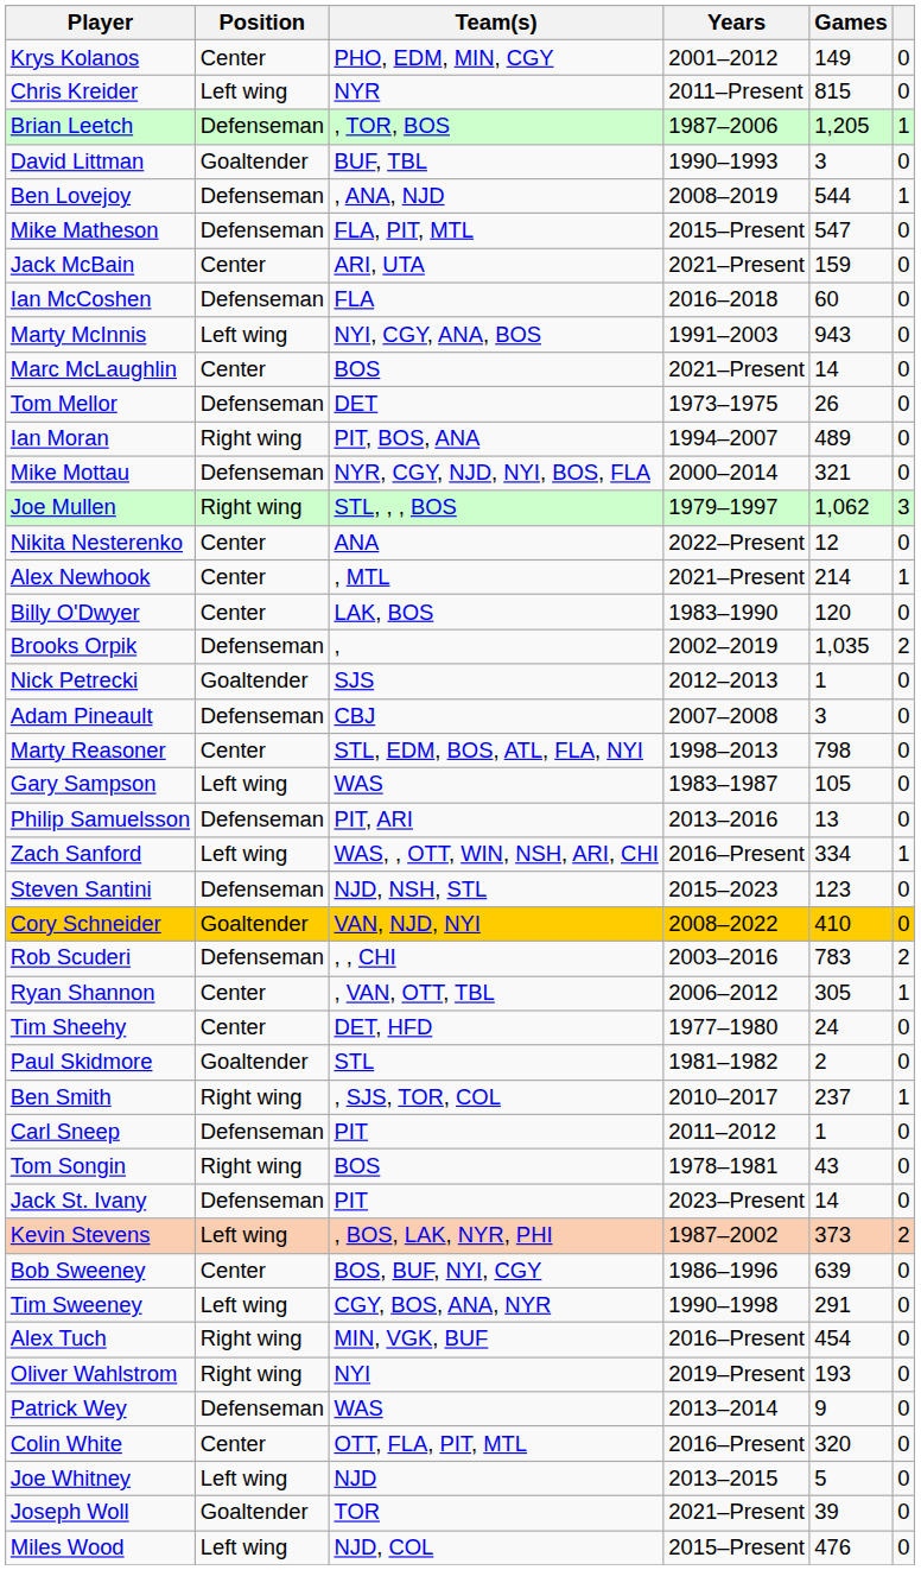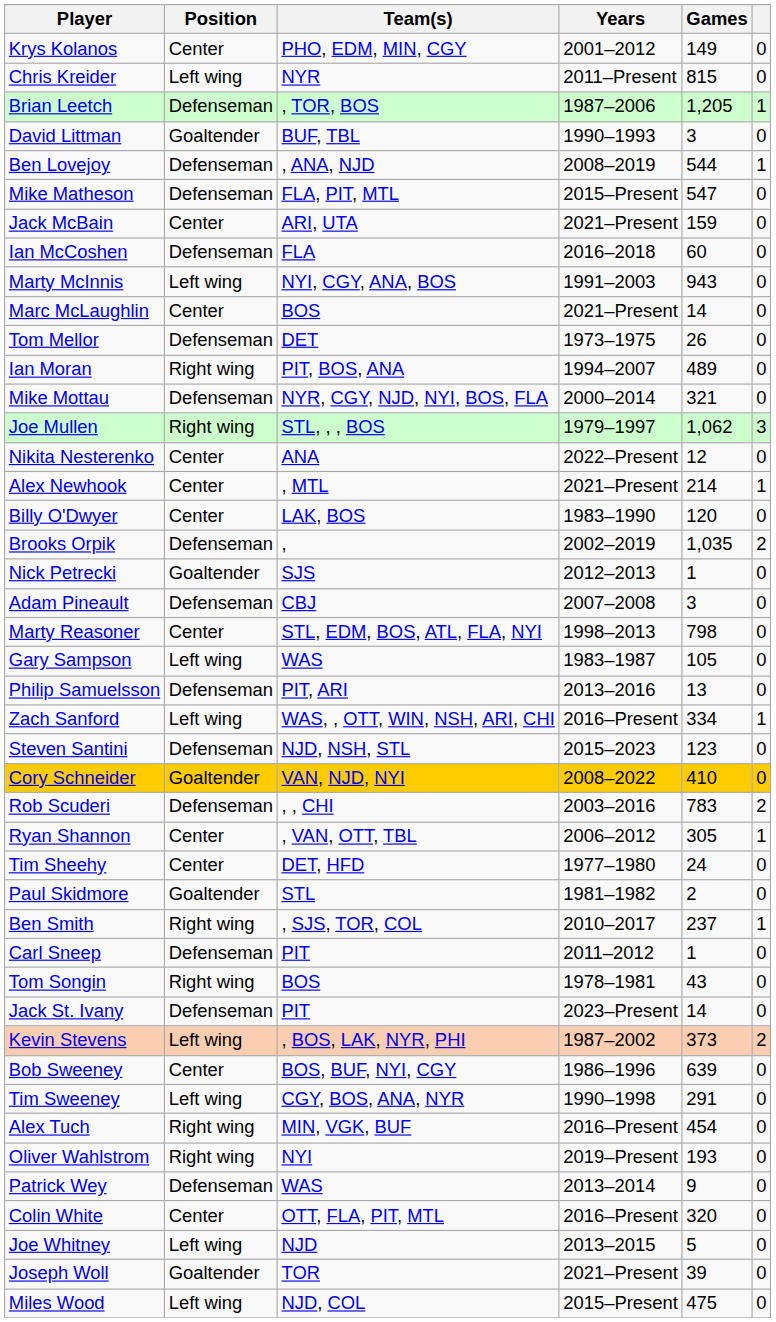 <table class="wikitable sortable">
 <tr>
 <th>Player</th>
 <th>Position</th>
 <th>Team(s)</th>
 <th>Years</th>
 <th>Games</th>
 <th><a href='#'></a></th>
 </tr>
 <tr>
 <td><a href='#'>Krys Kolanos</a></td>
 <td>Center</td>
 <td><a href='#'>PHO</a>, <a href='#'>EDM</a>, <a href='#'>MIN</a>, <a href='#'>CGY</a></td>
 <td>2001–2012</td>
 <td>149</td>
 <td>0</td>
 </tr>
 <tr>
 <td><a href='#'>Chris Kreider</a></td>
 <td>Left wing</td>
 <td><a href='#'>NYR</a></td>
 <td>2011–Present</td>
 <td>815</td>
 <td>0</td>
 </tr>
 <tr bgcolor=CCFFCC>
 <td><a href='#'>Brian Leetch</a></td>
 <td>Defenseman</td>
 <td><span><strong></strong></span>, <a href='#'>TOR</a>, <a href='#'>BOS</a></td>
 <td>1987–2006</td>
 <td>1,205</td>
 <td>1</td>
 </tr>
 <tr>
 <td><a href='#'>David Littman</a></td>
 <td>Goaltender</td>
 <td><a href='#'>BUF</a>, <a href='#'>TBL</a></td>
 <td>1990–1993</td>
 <td>3</td>
 <td>0</td>
 </tr>
 <tr>
 <td><a href='#'>Ben Lovejoy</a></td>
 <td>Defenseman</td>
 <td><span><strong></strong></span>, <a href='#'>ANA</a>, <a href='#'>NJD</a></td>
 <td>2008–2019</td>
 <td>544</td>
 <td>1</td>
 </tr>
 <tr>
 <td><a href='#'>Mike Matheson</a></td>
 <td>Defenseman</td>
 <td><a href='#'>FLA</a>, <a href='#'>PIT</a>, <a href='#'>MTL</a></td>
 <td>2015–Present</td>
 <td>547</td>
 <td>0</td>
 </tr>
 <tr>
 <td><a href='#'>Jack McBain</a></td>
 <td>Center</td>
 <td><a href='#'>ARI</a>, <a href='#'>UTA</a></td>
 <td>2021–Present</td>
 <td>159</td>
 <td>0</td>
 </tr>
 <tr>
 <td><a href='#'>Ian McCoshen</a></td>
 <td>Defenseman</td>
 <td><a href='#'>FLA</a></td>
 <td>2016–2018</td>
 <td>60</td>
 <td>0</td>
 </tr>
 <tr>
 <td><a href='#'>Marty McInnis</a></td>
 <td>Left wing</td>
 <td><a href='#'>NYI</a>, <a href='#'>CGY</a>, <a href='#'>ANA</a>, <a href='#'>BOS</a></td>
 <td>1991–2003</td>
 <td>943</td>
 <td>0</td>
 </tr>
 <tr>
 <td><a href='#'>Marc McLaughlin</a></td>
 <td>Center</td>
 <td><a href='#'>BOS</a></td>
 <td>2021–Present</td>
 <td>14</td>
 <td>0</td>
 </tr>
 <tr>
 <td><a href='#'>Tom Mellor</a></td>
 <td>Defenseman</td>
 <td><a href='#'>DET</a></td>
 <td>1973–1975</td>
 <td>26</td>
 <td>0</td>
 </tr>
 <tr>
 <td><a href='#'>Ian Moran</a></td>
 <td>Right wing</td>
 <td><a href='#'>PIT</a>, <a href='#'>BOS</a>, <a href='#'>ANA</a></td>
 <td>1994–2007</td>
 <td>489</td>
 <td>0</td>
 </tr>
 <tr>
 <td><a href='#'>Mike Mottau</a></td>
 <td>Defenseman</td>
 <td><a href='#'>NYR</a>, <a href='#'>CGY</a>, <a href='#'>NJD</a>, <a href='#'>NYI</a>, <a href='#'>BOS</a>, <a href='#'>FLA</a></td>
 <td>2000–2014</td>
 <td>321</td>
 <td>0</td>
 </tr>
 <tr bgcolor=CCFFCC>
 <td><a href='#'>Joe Mullen</a></td>
 <td>Right wing</td>
 <td><a href='#'>STL</a>, <span><strong></strong></span>, <span><strong></strong></span>, <a href='#'>BOS</a></td>
 <td>1979–1997</td>
 <td>1,062</td>
 <td>3</td>
 </tr>
 <tr>
 <td><a href='#'>Nikita Nesterenko</a></td>
 <td>Center</td>
 <td><a href='#'>ANA</a></td>
 <td>2022–Present</td>
 <td>12</td>
 <td>0</td>
 </tr>
 <tr>
 <td><a href='#'>Alex Newhook</a></td>
 <td>Center</td>
 <td><span><strong></strong></span>, <a href='#'>MTL</a></td>
 <td>2021–Present</td>
 <td>214</td>
 <td>1</td>
 </tr>
 <tr>
 <td><a href='#'>Billy O'Dwyer</a></td>
 <td>Center</td>
 <td><a href='#'>LAK</a>, <a href='#'>BOS</a></td>
 <td>1983–1990</td>
 <td>120</td>
 <td>0</td>
 </tr>
 <tr>
 <td><a href='#'>Brooks Orpik</a></td>
 <td>Defenseman</td>
 <td><span><strong></strong></span>, <span><strong></strong></span></td>
 <td>2002–2019</td>
 <td>1,035</td>
 <td>2</td>
 </tr>
 <tr>
 <td><a href='#'>Nick Petrecki</a></td>
 <td>Goaltender</td>
 <td><a href='#'>SJS</a></td>
 <td>2012–2013</td>
 <td>1</td>
 <td>0</td>
 </tr>
 <tr>
 <td><a href='#'>Adam Pineault</a></td>
 <td>Defenseman</td>
 <td><a href='#'>CBJ</a></td>
 <td>2007–2008</td>
 <td>3</td>
 <td>0</td>
 </tr>
 <tr>
 <td><a href='#'>Marty Reasoner</a></td>
 <td>Center</td>
 <td><a href='#'>STL</a>, <a href='#'>EDM</a>, <a href='#'>BOS</a>, <a href='#'>ATL</a>, <a href='#'>FLA</a>, <a href='#'>NYI</a></td>
 <td>1998–2013</td>
 <td>798</td>
 <td>0</td>
 </tr>
 <tr>
 <td><a href='#'>Gary Sampson</a></td>
 <td>Left wing</td>
 <td><a href='#'>WAS</a></td>
 <td>1983–1987</td>
 <td>105</td>
 <td>0</td>
 </tr>
 <tr>
 <td><a href='#'>Philip Samuelsson</a></td>
 <td>Defenseman</td>
 <td><a href='#'>PIT</a>, <a href='#'>ARI</a></td>
 <td>2013–2016</td>
 <td>13</td>
 <td>0</td>
 </tr>
 <tr>
 <td><a href='#'>Zach Sanford</a></td>
 <td>Left wing</td>
 <td><a href='#'>WAS</a>, <span><strong></strong></span>, <a href='#'>OTT</a>, <a href='#'>WIN</a>, <a href='#'>NSH</a>, <a href='#'>ARI</a>, <a href='#'>CHI</a></td>
 <td>2016–Present</td>
 <td>334</td>
 <td>1</td>
 </tr>
 <tr>
 <td><a href='#'>Steven Santini</a></td>
 <td>Defenseman</td>
 <td><a href='#'>NJD</a>, <a href='#'>NSH</a>, <a href='#'>STL</a></td>
 <td>2015–2023</td>
 <td>123</td>
 <td>0</td>
 </tr>
 <tr bgcolor=FFCC00>
 <td><a href='#'>Cory Schneider</a></td>
 <td>Goaltender</td>
 <td><a href='#'>VAN</a>, <a href='#'>NJD</a>, <a href='#'>NYI</a></td>
 <td>2008–2022</td>
 <td>410</td>
 <td>0</td>
 </tr>
 <tr>
 <td><a href='#'>Rob Scuderi</a></td>
 <td>Defenseman</td>
 <td><span><strong></strong></span>, <span><strong></strong></span>, <a href='#'>CHI</a></td>
 <td>2003–2016</td>
 <td>783</td>
 <td>2</td>
 </tr>
 <tr>
 <td><a href='#'>Ryan Shannon</a></td>
 <td>Center</td>
 <td><span><strong></strong></span>, <a href='#'>VAN</a>, <a href='#'>OTT</a>, <a href='#'>TBL</a></td>
 <td>2006–2012</td>
 <td>305</td>
 <td>1</td>
 </tr>
 <tr>
 <td><a href='#'>Tim Sheehy</a></td>
 <td>Center</td>
 <td><a href='#'>DET</a>, <a href='#'>HFD</a></td>
 <td>1977–1980</td>
 <td>24</td>
 <td>0</td>
 </tr>
 <tr>
 <td><a href='#'>Paul Skidmore</a></td>
 <td>Goaltender</td>
 <td><a href='#'>STL</a></td>
 <td>1981–1982</td>
 <td>2</td>
 <td>0</td>
 </tr>
 <tr>
 <td><a href='#'>Ben Smith</a></td>
 <td>Right wing</td>
 <td><span><strong></strong></span>, <a href='#'>SJS</a>, <a href='#'>TOR</a>, <a href='#'>COL</a></td>
 <td>2010–2017</td>
 <td>237</td>
 <td>1</td>
 </tr>
 <tr>
 <td><a href='#'>Carl Sneep</a></td>
 <td>Defenseman</td>
 <td><a href='#'>PIT</a></td>
 <td>2011–2012</td>
 <td>1</td>
 <td>0</td>
 </tr>
 <tr>
 <td><a href='#'>Tom Songin</a></td>
 <td>Right wing</td>
 <td><a href='#'>BOS</a></td>
 <td>1978–1981</td>
 <td>43</td>
 <td>0</td>
 </tr>
 <tr>
 <td><a href='#'>Jack St. Ivany</a></td>
 <td>Defenseman</td>
 <td><a href='#'>PIT</a></td>
 <td>2023–Present</td>
 <td>14</td>
 <td>0</td>
 </tr>
 <tr bgcolor=FBCEB1>
 <td><a href='#'>Kevin Stevens</a></td>
 <td>Left wing</td>
 <td><span><strong></strong></span>, <a href='#'>BOS</a>, <a href='#'>LAK</a>, <a href='#'>NYR</a>, <a href='#'>PHI</a></td>
 <td>1987–2002</td>
 <td>373</td>
 <td>2</td>
 </tr>
 <tr>
 <td><a href='#'>Bob Sweeney</a></td>
 <td>Center</td>
 <td><a href='#'>BOS</a>, <a href='#'>BUF</a>, <a href='#'>NYI</a>, <a href='#'>CGY</a></td>
 <td>1986–1996</td>
 <td>639</td>
 <td>0</td>
 </tr>
 <tr>
 <td><a href='#'>Tim Sweeney</a></td>
 <td>Left wing</td>
 <td><a href='#'>CGY</a>, <a href='#'>BOS</a>, <a href='#'>ANA</a>, <a href='#'>NYR</a></td>
 <td>1990–1998</td>
 <td>291</td>
 <td>0</td>
 </tr>
 <tr>
 <td><a href='#'>Alex Tuch</a></td>
 <td>Right wing</td>
 <td><a href='#'>MIN</a>, <a href='#'>VGK</a>, <a href='#'>BUF</a></td>
 <td>2016–Present</td>
 <td>454</td>
 <td>0</td>
 </tr>
 <tr>
 <td><a href='#'>Oliver Wahlstrom</a></td>
 <td>Right wing</td>
 <td><a href='#'>NYI</a></td>
 <td>2019–Present</td>
 <td>193</td>
 <td>0</td>
 </tr>
 <tr>
 <td><a href='#'>Patrick Wey</a></td>
 <td>Defenseman</td>
 <td><a href='#'>WAS</a></td>
 <td>2013–2014</td>
 <td>9</td>
 <td>0</td>
 </tr>
 <tr>
 <td><a href='#'>Colin White</a></td>
 <td>Center</td>
 <td><a href='#'>OTT</a>, <a href='#'>FLA</a>, <a href='#'>PIT</a>, <a href='#'>MTL</a></td>
 <td>2016–Present</td>
 <td>320</td>
 <td>0</td>
 </tr>
 <tr>
 <td><a href='#'>Joe Whitney</a></td>
 <td>Left wing</td>
 <td><a href='#'>NJD</a></td>
 <td>2013–2015</td>
 <td>5</td>
 <td>0</td>
 </tr>
 <tr>
 <td><a href='#'>Joseph Woll</a></td>
 <td>Goaltender</td>
 <td><a href='#'>TOR</a></td>
 <td>2021–Present</td>
 <td>39</td>
 <td>0</td>
 </tr>
 <tr>
 <td><a href='#'>Miles Wood</a></td>
 <td>Left wing</td>
 <td><a href='#'>NJD</a>, <a href='#'>COL</a></td>
 <td>2015–Present</td>
-<td>476</td>
+<td>475</td>
 <td>0</td>
 </tr>
 </table>
